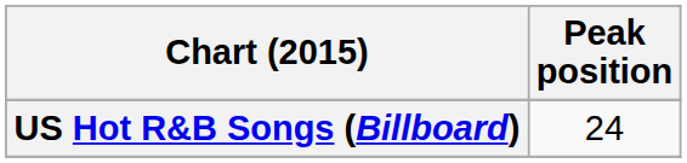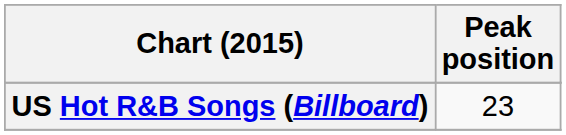 <table class="wikitable sortable plainrowheaders" style="text-align:center">
 <tr>
 <th scope="col">Chart (2015)</th>
 <th scope="col">Peak<br>position</th>
 </tr>
 <tr>
 </tr>
 <tr>
 </tr>
 <tr>
 <th scope="row">US <a href='#'>Hot R&B Songs</a> (<a href='#'><em>Billboard</em></a>) </th>
-<td align="center">24</td>
+<td align="center">23</td>
 </tr>
 <tr>
 </tr>
 </table>
